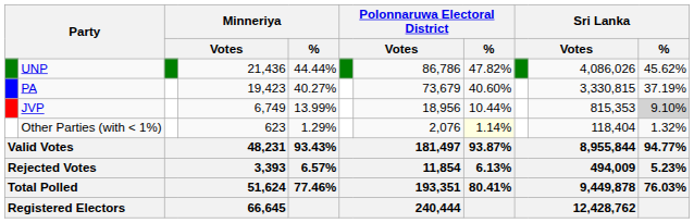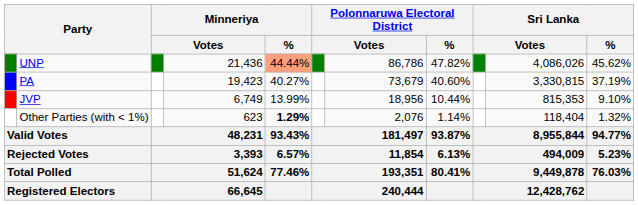 <table class="wikitable">
 <tr>
 <th colspan="2" width="144px"rowspan="2">Party</th>
 <th colspan="3" width="216px">Minneriya</th>
 <th colspan="3" width="216px"><a href='#'>Polonnaruwa Electoral District</a></th>
 <th colspan="3" width="216px">Sri Lanka</th>
 </tr>
 <tr>
 <th colspan="2" width="144px">Votes</th>
 <th>%</th>
 <th colspan="2" width="144px">Votes</th>
 <th>%</th>
 <th colspan="2" width="144px">Votes</th>
 <th>%</th>
 </tr>
 <tr>
 <td style="background-color:green;" width="10px"></td>
 <td style="text-align:left;"><a href='#'>UNP</a></td>
 <td style="background-color:green;" width="10px"></td>
 <td style="text-align:right;">21,436</td>
-<td style="text-align:right;">44.44%</td>
+<td style="background: lightsalmon; text-align:right;">44.44%</td>
 <td style="background-color:green;" width="10px"></td>
 <td style="text-align:right;">86,786</td>
 <td style="text-align:right;">47.82%</td>
 <td style="background-color:green;" width="10px"></td>
 <td style="text-align:right;">4,086,026</td>
 <td style="text-align:right;">45.62%</td>
 </tr>
 <tr>
 <td style="background-color:blue;" width="10px"></td>
 <td style="text-align:left;"><a href='#'>PA</a></td>
 <td style="background-color:white;" width="10px"></td>
 <td style="text-align:right;">19,423</td>
 <td style="text-align:right;">40.27%</td>
 <td style="background-color:white;" width="10px"></td>
 <td style="text-align:right;">73,679</td>
 <td style="text-align:right;">40.60%</td>
 <td style="background-color:white;" width="10px"></td>
 <td style="text-align:right;">3,330,815</td>
 <td style="text-align:right;">37.19%</td>
 </tr>
 <tr>
 <td style="background-color:red;" width="10px"></td>
 <td style="text-align:left;"><a href='#'>JVP</a></td>
 <td style="background-color:white;" width="10px"></td>
 <td style="text-align:right;">6,749</td>
 <td style="text-align:right;">13.99%</td>
 <td style="background-color:white;" width="10px"></td>
 <td style="text-align:right;">18,956</td>
 <td style="text-align:right;">10.44%</td>
 <td style="background-color:white;" width="10px"></td>
 <td style="text-align:right;">815,353</td>
-<td style="background: lightgrey; text-align:right;">9.10%</td>
+<td style="text-align:right;">9.10%</td>
 </tr>
 <tr>
 <td style="background-color:white;" width="10px"></td>
 <td style="text-align:left;">Other Parties (with < 1%)</td>
 <td style="background-color:white;" width="10px"></td>
 <td style="text-align:right;">623</td>
-<td style="text-align:right;">1.29%</td>
+<td style="text-align:right;"><strong>1.29%</strong></td>
 <td style="background-color:white;" width="10px"></td>
 <td style="text-align:right;">2,076</td>
-<td style="background: lightyellow; text-align:right;">1.14%</td>
+<td style="text-align:right;">1.14%</td>
 <td style="background-color:white;" width="10px"></td>
 <td style="text-align:right;">118,404</td>
 <td style="text-align:right;">1.32%</td>
 </tr>
 <tr>
 <th colspan="2" width="144px"style="text-align:left;">Valid Votes</th>
 <th style="text-align:right;"colspan="2" width="144px">48,231</th>
 <th style="text-align:right;">93.43%</th>
 <th style="text-align:right;"colspan="2" width="144px">181,497</th>
 <th style="text-align:right;">93.87%</th>
 <th style="text-align:right;"colspan="2" width="144px">8,955,844</th>
 <th style="text-align:right;">94.77%</th>
 </tr>
 <tr>
 <th colspan="2" width="144px"style="text-align:left;">Rejected Votes</th>
 <th style="text-align:right;"colspan="2" width="144px">3,393</th>
 <th style="text-align:right;">6.57%</th>
 <th style="text-align:right;"colspan="2" width="144px">11,854</th>
 <th style="text-align:right;">6.13%</th>
 <th style="text-align:right;"colspan="2" width="144px">494,009</th>
 <th style="text-align:right;">5.23%</th>
 </tr>
 <tr>
 <th colspan="2" width="144px"style="text-align:left;">Total Polled</th>
 <th style="text-align:right;"colspan="2" width="144px">51,624</th>
 <th style="text-align:right;">77.46%</th>
 <th style="text-align:right;"colspan="2" width="144px">193,351</th>
 <th style="text-align:right;">80.41%</th>
 <th style="text-align:right;"colspan="2" width="144px">9,449,878</th>
 <th style="text-align:right;">76.03%</th>
 </tr>
 <tr>
 <th colspan="2" width="144px"style="text-align:left;">Registered Electors</th>
 <th style="text-align:right;"colspan="2" width="144px">66,645</th>
 <th></th>
 <th style="text-align:right;"colspan="2" width="144px">240,444</th>
 <th></th>
 <th style="text-align:right;"colspan="2" width="144px">12,428,762</th>
 <th></th>
 </tr>
 </table>
